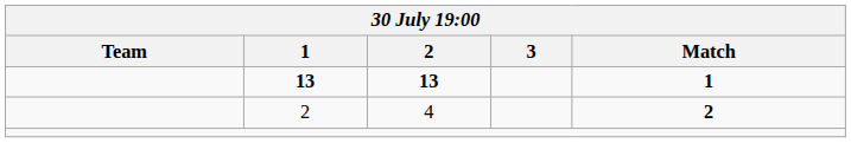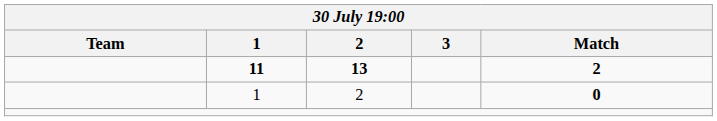 <table class=wikitable style="text-align:center; width: 55%">
 <tr>
 <th colspan=10><em>30 July 19:00</em></th>
 </tr>
 <tr>
 <th>Team</th>
 <th>1</th>
 <th>2</th>
 <th>3</th>
 <th>Match</th>
 </tr>
 <tr>
 <td align=left><strong><br></strong></td>
-<td><strong>13</strong></td>
+<td><strong>11</strong></td>
 <td><strong>13</strong></td>
 <td></td>
-<td><strong>1</strong></td>
+<td><strong>2</strong></td>
 </tr>
 <tr>
 <td align=left><br></td>
+<td>1</td>
 <td>2</td>
-<td>4</td>
 <td></td>
-<td><strong>2</strong></td>
+<td><strong>0</strong></td>
 </tr>
 <tr>
 <td colspan=10></td>
 </tr>
 </table>
